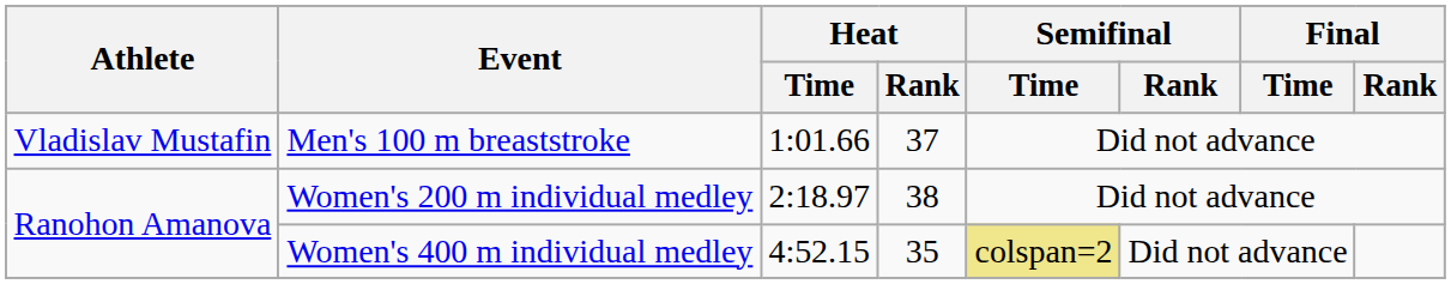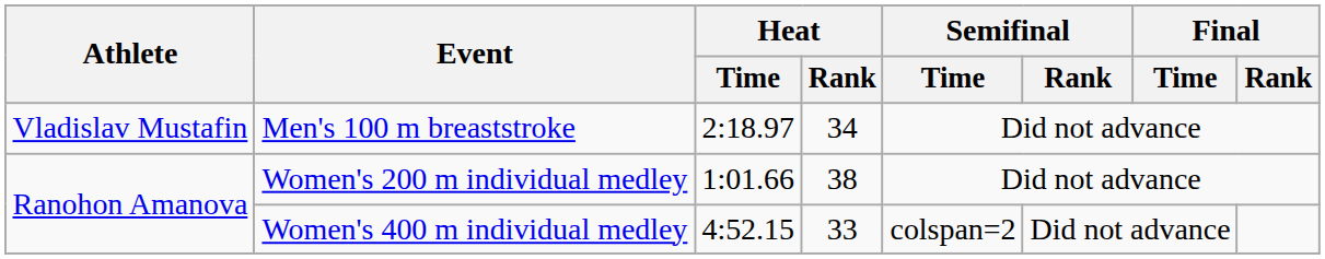 <table class=wikitable style="font-size:90%">
 <tr>
 <th rowspan="2">Athlete</th>
 <th rowspan="2">Event</th>
 <th colspan="2">Heat</th>
 <th colspan="2">Semifinal</th>
 <th colspan="2">Final</th>
 </tr>
 <tr style="font-size:95%">
 <th>Time</th>
 <th>Rank</th>
 <th>Time</th>
 <th>Rank</th>
 <th>Time</th>
 <th>Rank</th>
 </tr>
 <tr align=center>
 <td align=left><a href='#'>Vladislav Mustafin</a></td>
 <td align=left><a href='#'>Men's 100 m breaststroke</a></td>
-<td>1:01.66</td>
-<td>37</td>
+<td>2:18.97</td>
+<td>34</td>
 <td colspan=4>Did not advance</td>
 </tr>
 <tr align=center>
 <td align=left rowspan=2><a href='#'>Ranohon Amanova</a></td>
 <td align=left><a href='#'>Women's 200 m individual medley</a></td>
-<td>2:18.97</td>
+<td>1:01.66</td>
 <td>38</td>
 <td colspan=4>Did not advance</td>
 </tr>
 <tr align=center>
 <td align=left><a href='#'>Women's 400 m individual medley</a></td>
 <td>4:52.15</td>
-<td>35</td>
-<td style="background: khaki;">colspan=2 </td>
+<td>33</td>
+<td>colspan=2 </td>
 <td colspan=2>Did not advance</td>
 </tr>
 </table>
